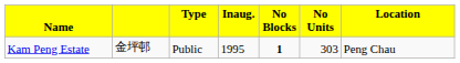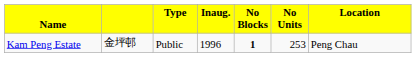 <table class="wikitable">
 <tr style="font-weight:bold;background-color:yellow" align="center" valign="top">
 <td width="143.25" Height="12.75" valign="bottom">Name</td>
 <td width="72.75" valign="top"></td>
 <td width="59.25" valign="top">Type</td>
 <td width="48" valign="top">Inaug.</td>
 <td width="48" valign="top">No Blocks</td>
 <td width="48.75" valign="bottom">No Units</td>
 <td width="150.75" valign="top">Location</td>
 </tr>
 <tr valign="bottom">
 <td Height="12.75"><a href='#'>Kam Peng Estate</a></td>
 <td>金坪邨</td>
 <td>Public</td>
-<td>1995</td>
+<td>1996</td>
 <td align="center"><strong>1</strong></td>
-<td align="right">303</td>
+<td align="right">253</td>
 <td>Peng Chau</td>
 </tr>
 </table>
